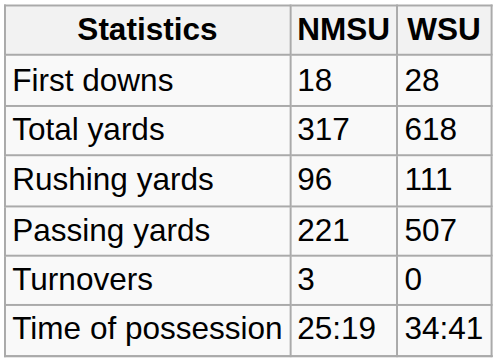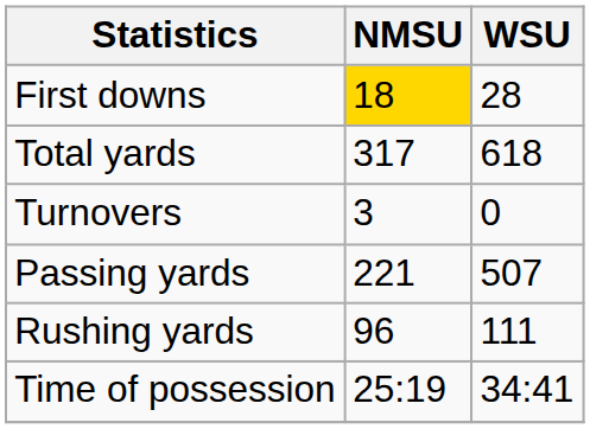 <table class="wikitable" style="float: left;">
 <tr>
 <th>Statistics</th>
 <th>NMSU</th>
 <th>WSU</th>
 </tr>
 <tr>
 <td>First downs</td>
-<td>18</td>
+<td style="background: gold;">18</td>
 <td>28</td>
 </tr>
 <tr>
 <td>Total yards</td>
 <td>317</td>
 <td>618</td>
 </tr>
 <tr>
-<td>Rushing yards</td>
-<td>96</td>
-<td>111</td>
+<td>Turnovers</td>
+<td>3</td>
+<td>0</td>
 </tr>
 <tr>
 <td>Passing yards</td>
 <td>221</td>
 <td>507</td>
 </tr>
 <tr>
-<td>Turnovers</td>
-<td>3</td>
-<td>0</td>
+<td>Rushing yards</td>
+<td>96</td>
+<td>111</td>
 </tr>
 <tr>
 <td>Time of possession</td>
 <td>25:19</td>
 <td>34:41</td>
 </tr>
 <tr>
 </tr>
 </table>
